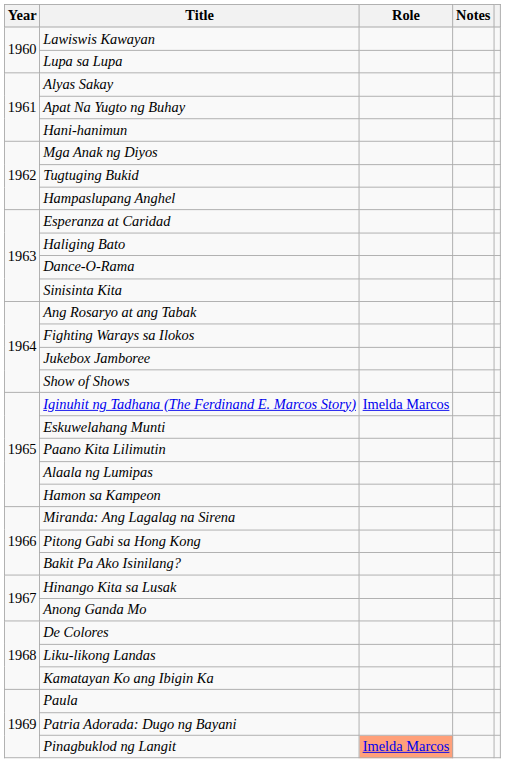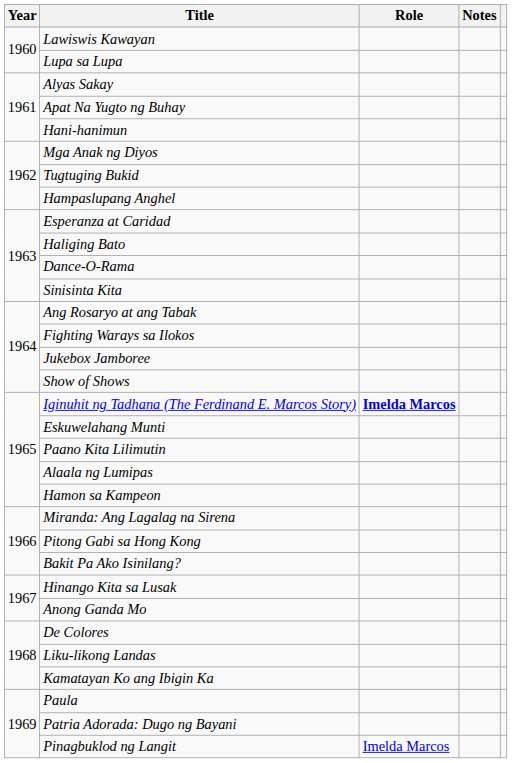 <table class="wikitable sortable plainrowheaders">
 <tr style="background:#ccc; text-align:center;">
 <th scope="col">Year</th>
 <th scope="col">Title</th>
 <th scope="col">Role</th>
 <th scope="col" class="unsortable">Notes</th>
 <th scope="col" class="unsortable"></th>
 </tr>
 <tr>
 <td rowspan="2">1960</td>
 <td><em>Lawiswis Kawayan</em></td>
 <td></td>
 <td></td>
 <td></td>
 </tr>
 <tr>
 <td><em>Lupa sa Lupa</em></td>
 <td></td>
 <td></td>
 <td></td>
 </tr>
 <tr>
 <td rowspan="3">1961</td>
 <td><em>Alyas Sakay</em></td>
 <td></td>
 <td></td>
 <td></td>
 </tr>
 <tr>
 <td><em>Apat Na Yugto ng Buhay</em></td>
 <td></td>
 <td></td>
 <td></td>
 </tr>
 <tr>
 <td><em>Hani-hanimun</em></td>
 <td></td>
 <td></td>
 <td></td>
 </tr>
 <tr>
 <td rowspan="3">1962</td>
 <td><em>Mga Anak ng Diyos</em></td>
 <td></td>
 <td></td>
 <td></td>
 </tr>
 <tr>
 <td><em>Tugtuging Bukid</em></td>
 <td></td>
 <td></td>
 <td></td>
 </tr>
 <tr>
 <td><em>Hampaslupang Anghel</em></td>
 <td></td>
 <td></td>
 <td></td>
 </tr>
 <tr>
 <td rowspan="4">1963</td>
 <td><em>Esperanza at Caridad</em></td>
 <td></td>
 <td></td>
 <td></td>
 </tr>
 <tr>
 <td><em>Haliging Bato</em></td>
 <td></td>
 <td></td>
 <td></td>
 </tr>
 <tr>
 <td><em>Dance-O-Rama</em></td>
 <td></td>
 <td></td>
 <td></td>
 </tr>
 <tr>
 <td><em>Sinisinta Kita</em></td>
 <td></td>
 <td></td>
 <td></td>
 </tr>
 <tr>
 <td rowspan="4">1964</td>
 <td><em>Ang Rosaryo at ang Tabak</em></td>
 <td></td>
 <td></td>
 <td></td>
 </tr>
 <tr>
 <td><em>Fighting Warays sa Ilokos</em></td>
 <td></td>
 <td></td>
 <td></td>
 </tr>
 <tr>
 <td><em>Jukebox Jamboree</em></td>
 <td></td>
 <td></td>
 <td></td>
 </tr>
 <tr>
 <td><em>Show of Shows</em></td>
 <td></td>
 <td></td>
 <td></td>
 </tr>
 <tr>
 <td rowspan="5">1965</td>
 <td><em><a href='#'>Iginuhit ng Tadhana (The Ferdinand E. Marcos Story)</a></em></td>
-<td><a href='#'>Imelda Marcos</a></td>
+<td><strong><a href='#'>Imelda Marcos</a></strong></td>
 <td></td>
 <td></td>
 </tr>
 <tr>
 <td><em>Eskuwelahang Munti</em></td>
 <td></td>
 <td></td>
 <td></td>
 </tr>
 <tr>
 <td><em>Paano Kita Lilimutin</em></td>
 <td></td>
 <td></td>
 <td></td>
 </tr>
 <tr>
 <td><em>Alaala ng Lumipas</em></td>
 <td></td>
 <td></td>
 <td></td>
 </tr>
 <tr>
 <td><em>Hamon sa Kampeon</em></td>
 <td></td>
 <td></td>
 <td></td>
 </tr>
 <tr>
 <td rowspan="3">1966</td>
 <td><em>Miranda: Ang Lagalag na Sirena</em></td>
 <td></td>
 <td></td>
 <td></td>
 </tr>
 <tr>
 <td><em>Pitong Gabi sa Hong Kong</em></td>
 <td></td>
 <td></td>
 <td></td>
 </tr>
 <tr>
 <td><em>Bakit Pa Ako Isinilang?</em></td>
 <td></td>
 <td></td>
 <td></td>
 </tr>
 <tr>
 <td rowspan="2">1967</td>
 <td><em>Hinango Kita sa Lusak</em></td>
 <td></td>
 <td></td>
 <td></td>
 </tr>
 <tr>
 <td><em>Anong Ganda Mo</em></td>
 <td></td>
 <td></td>
 <td></td>
 </tr>
 <tr>
 <td rowspan="3">1968</td>
 <td><em>De Colores</em></td>
 <td></td>
 <td></td>
 <td></td>
 </tr>
 <tr>
 <td><em>Liku-likong Landas</em></td>
 <td></td>
 <td></td>
 <td></td>
 </tr>
 <tr>
 <td><em>Kamatayan Ko ang Ibigin Ka</em></td>
 <td></td>
 <td></td>
 <td></td>
 </tr>
 <tr>
 <td rowspan="3">1969</td>
 <td><em>Paula</em></td>
 <td></td>
 <td></td>
 <td></td>
 </tr>
 <tr>
 <td><em>Patria Adorada: Dugo ng Bayani</em></td>
 <td></td>
 <td></td>
 <td></td>
 </tr>
 <tr>
 <td><em>Pinagbuklod ng Langit</em></td>
-<td style="background: lightsalmon;"><a href='#'>Imelda Marcos</a></td>
+<td><a href='#'>Imelda Marcos</a></td>
 <td></td>
 <td></td>
 </tr>
 </table>
